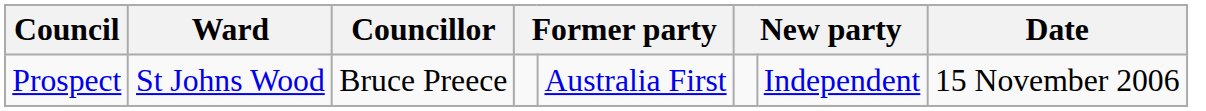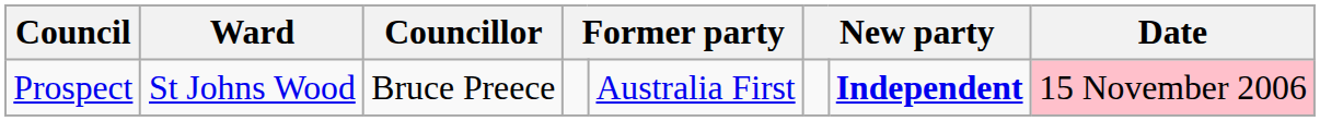 <table class="wikitable sortable">
 <tr>
 <th>Council</th>
 <th>Ward</th>
 <th>Councillor</th>
 <th colspan="2">Former party</th>
 <th colspan="2">New party</th>
 <th>Date</th>
 </tr>
 <tr>
 <td><a href='#'>Prospect</a></td>
 <td><a href='#'>St Johns Wood</a></td>
 <td>Bruce Preece</td>
 <td> </td>
 <td><a href='#'>Australia First</a></td>
 <td> </td>
-<td><a href='#'>Independent</a></td>
-<td>15 November 2006</td>
+<td><strong><a href='#'>Independent</a></strong></td>
+<td style="background: pink;">15 November 2006</td>
 </tr>
 </table>
